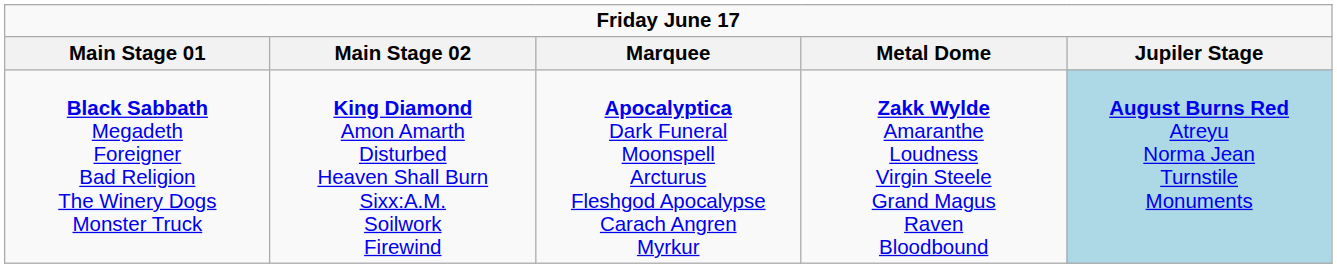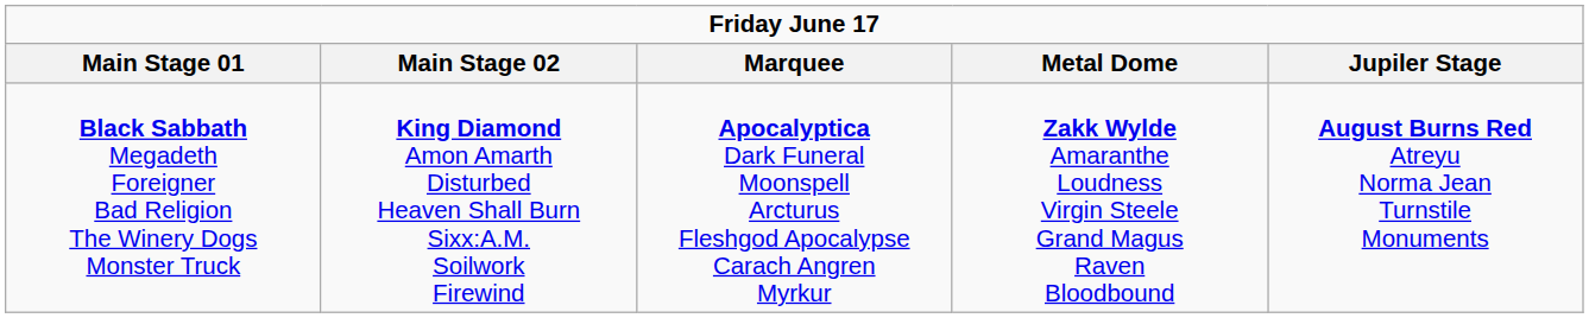 <table class="wikitable">
 <tr>
 <td colspan="5" style="text-align:center;"><strong>Friday June 17</strong></td>
 </tr>
 <tr>
 <th>Main Stage 01</th>
 <th>Main Stage 02</th>
 <th>Marquee</th>
 <th>Metal Dome</th>
 <th>Jupiler Stage</th>
 </tr>
 <tr>
 <td style="text-align:center; vertical-align:top; width:200px;"><br><strong><a href='#'>Black Sabbath</a></strong> <br> <a href='#'>Megadeth</a> <br> <a href='#'>Foreigner</a> <br> <a href='#'>Bad Religion</a> <br> <a href='#'>The Winery Dogs</a> <br> <a href='#'>Monster Truck</a></td>
 <td style="text-align:center; vertical-align:top; width:200px;"><br><strong><a href='#'>King Diamond</a></strong><br> <a href='#'>Amon Amarth</a> <br> <a href='#'>Disturbed</a> <br> <a href='#'>Heaven Shall Burn</a> <br> <a href='#'>Sixx:A.M.</a> <br> <a href='#'>Soilwork</a> <br> <a href='#'>Firewind</a></td>
 <td style="text-align:center; vertical-align:top; width:200px;"><br><strong><a href='#'>Apocalyptica</a></strong><br> <a href='#'>Dark Funeral</a> <br> <a href='#'>Moonspell</a> <br> <a href='#'>Arcturus</a> <br> <a href='#'>Fleshgod Apocalypse</a> <br> <a href='#'>Carach Angren</a> <br> <a href='#'>Myrkur</a></td>
 <td style="text-align:center; vertical-align:top; width:200px;"><br><strong><a href='#'>Zakk Wylde</a></strong><br> <a href='#'>Amaranthe</a> <br> <a href='#'>Loudness</a> <br> <a href='#'>Virgin Steele</a> <br> <a href='#'>Grand Magus</a> <br> <a href='#'>Raven</a> <br> <a href='#'>Bloodbound</a></td>
-<td style="background: lightblue; text-align:center; vertical-align:top; width:200px;"><br><strong><a href='#'>August Burns Red</a></strong><br> <a href='#'>Atreyu</a> <br> <a href='#'>Norma Jean</a> <br> <a href='#'>Turnstile</a> <br> <a href='#'>Monuments</a></td>
+<td style="text-align:center; vertical-align:top; width:200px;"><br><strong><a href='#'>August Burns Red</a></strong><br> <a href='#'>Atreyu</a> <br> <a href='#'>Norma Jean</a> <br> <a href='#'>Turnstile</a> <br> <a href='#'>Monuments</a></td>
 </tr>
 </table>
